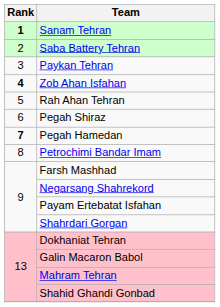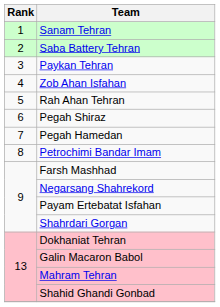 <table class="wikitable" style="text-align: center;">
 <tr>
 <th width=40>Rank</th>
 <th width=250>Team</th>
 </tr>
 <tr bgcolor=ccffcc>
-<td><strong>1</strong></td>
+<td>1</td>
 <td align="left"><a href='#'>Sanam Tehran</a></td>
 </tr>
 <tr bgcolor=ccffcc>
 <td>2</td>
 <td align="left"><a href='#'>Saba Battery Tehran</a></td>
 </tr>
 <tr>
 <td>3</td>
 <td align="left"><a href='#'>Paykan Tehran</a></td>
 </tr>
 <tr>
-<td><strong>4</strong></td>
+<td>4</td>
 <td align="left"><a href='#'>Zob Ahan Isfahan</a></td>
 </tr>
 <tr>
 <td>5</td>
 <td align="left">Rah Ahan Tehran</td>
 </tr>
 <tr>
 <td>6</td>
 <td align="left">Pegah Shiraz</td>
 </tr>
 <tr>
-<td><strong>7</strong></td>
+<td>7</td>
 <td align="left">Pegah Hamedan</td>
 </tr>
 <tr>
 <td>8</td>
 <td align="left"><a href='#'>Petrochimi Bandar Imam</a></td>
 </tr>
 <tr>
 <td rowspan=4>9</td>
 <td align="left">Farsh Mashhad</td>
 </tr>
 <tr>
 <td align="left"><a href='#'>Negarsang Shahrekord</a></td>
 </tr>
 <tr>
 <td align="left">Payam Ertebatat Isfahan</td>
 </tr>
 <tr>
 <td align="left"><a href='#'>Shahrdari Gorgan</a></td>
 </tr>
 <tr bgcolor=pink>
 <td rowspan=4>13</td>
 <td align="left">Dokhaniat Tehran</td>
 </tr>
 <tr bgcolor=pink>
 <td align="left">Galin Macaron Babol</td>
 </tr>
 <tr bgcolor=pink>
 <td align="left"><a href='#'>Mahram Tehran</a></td>
 </tr>
 <tr bgcolor=pink>
 <td align="left">Shahid Ghandi Gonbad</td>
 </tr>
 <tr>
 </tr>
 </table>
